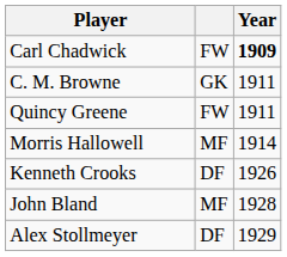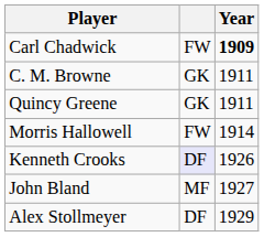 <table class="wikitable"; style= "text-align: ">
 <tr>
 <th width=150px>Player</th>
 <th width=px></th>
 <th width=px>Year</th>
 </tr>
 <tr>
 <td>Carl Chadwick</td>
 <td>FW</td>
 <td><strong>1909</strong></td>
 </tr>
 <tr>
 <td>C. M. Browne</td>
 <td>GK</td>
 <td>1911</td>
 </tr>
 <tr>
 <td>Quincy Greene</td>
-<td>FW</td>
+<td>GK</td>
 <td>1911</td>
 </tr>
 <tr>
 <td>Morris Hallowell</td>
-<td>MF</td>
+<td>FW</td>
 <td>1914</td>
 </tr>
 <tr>
 <td>Kenneth Crooks</td>
-<td>DF</td>
+<td style="background: lavender;">DF</td>
 <td>1926</td>
 </tr>
 <tr>
 <td>John Bland</td>
 <td>MF</td>
-<td>1928</td>
+<td>1927</td>
 </tr>
 <tr>
 <td>Alex Stollmeyer</td>
 <td>DF</td>
 <td>1929</td>
 </tr>
 </table>
